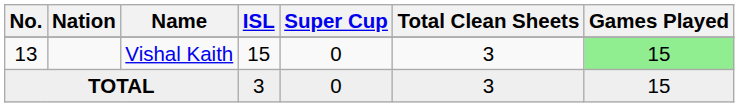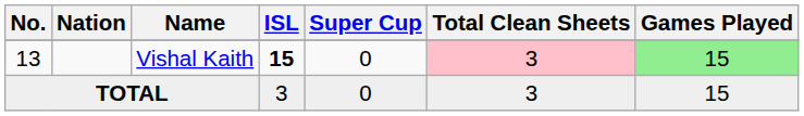 <table class="wikitable sortable" style="font-size: 95%; text-align: center;">
 <tr>
 <th>No.</th>
 <th>Nation</th>
 <th>Name</th>
 <th><a href='#'>ISL</a></th>
 <th><a href='#'>Super Cup</a></th>
 <th>Total Clean Sheets</th>
 <th>Games Played</th>
 </tr>
 <tr>
 </tr>
 <tr>
 <td>13</td>
 <td></td>
 <td><a href='#'>Vishal Kaith</a></td>
-<td>15</td>
+<td><strong>15</strong></td>
 <td>0</td>
-<td>3</td>
+<td style="background: pink;">3</td>
 <td style="background: lightgreen;">15</td>
 </tr>
 <tr bgcolor="#efefef">
 <td colspan=3><strong>TOTAL</strong></td>
 <td>3</td>
 <td>0</td>
 <td>3</td>
 <td>15</td>
 </tr>
 </table>
